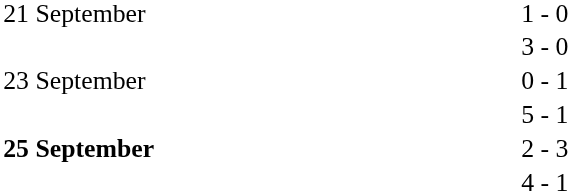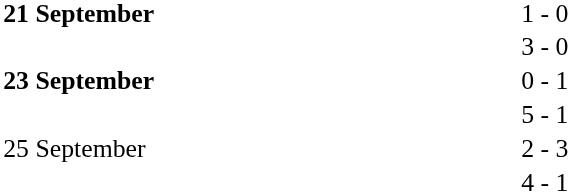 <table cellspacing="1" width="85%">
 <tr>
 <th width="15%"></th>
 <th width="25%"></th>
 <th width="10%"></th>
 <th width="25%"></th>
 <th width="25%"></th>
 </tr>
 <tr>
-<td>21 September</td>
+<td><strong>21 September</strong></td>
 <td align="right"></td>
 <td align="center">1 - 0</td>
 <td></td>
 </tr>
 <tr>
 <td></td>
 <td align="right"></td>
 <td align="center">3 - 0</td>
 <td></td>
 </tr>
 <tr>
-<td>23 September</td>
+<td><strong>23 September</strong></td>
 <td align="right"></td>
 <td align="center">0 - 1</td>
 <td></td>
 </tr>
 <tr>
 <td></td>
 <td align="right"></td>
 <td align="center">5 - 1</td>
 <td></td>
 </tr>
 <tr>
-<td><strong>25 September</strong></td>
+<td>25 September</td>
 <td align="right"></td>
 <td align="center">2 - 3</td>
 <td></td>
 </tr>
 <tr>
 <td></td>
 <td align="right"></td>
 <td align="center">4 - 1</td>
 <td></td>
 </tr>
 </table>
